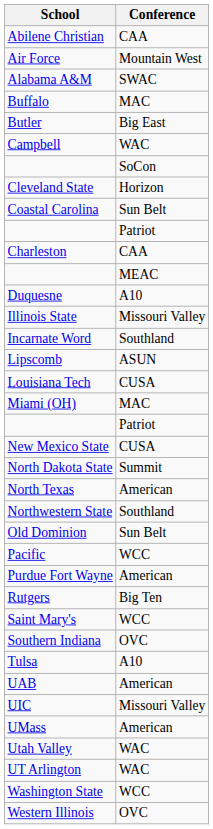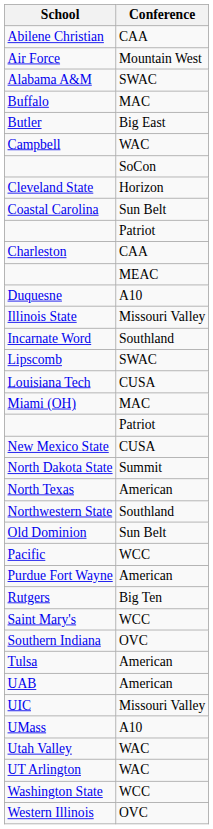 <table class="wikitable sortable">
 <tr>
 <th>School</th>
 <th>Conference</th>
 </tr>
 <tr>
 <td><a href='#'>Abilene Christian</a></td>
 <td>CAA</td>
 </tr>
 <tr>
 <td><a href='#'>Air Force</a></td>
 <td>Mountain West</td>
 </tr>
 <tr>
 <td><a href='#'>Alabama A&M</a></td>
 <td>SWAC</td>
 </tr>
 <tr>
 <td><a href='#'>Buffalo</a></td>
 <td>MAC</td>
 </tr>
 <tr>
 <td><a href='#'>Butler</a></td>
 <td>Big East</td>
 </tr>
 <tr>
 <td><a href='#'>Campbell</a></td>
 <td>WAC</td>
 </tr>
 <tr>
 <td></td>
 <td>SoCon</td>
 </tr>
 <tr>
 <td><a href='#'>Cleveland State</a></td>
 <td>Horizon</td>
 </tr>
 <tr>
 <td><a href='#'>Coastal Carolina</a></td>
 <td>Sun Belt</td>
 </tr>
 <tr>
 <td></td>
 <td>Patriot</td>
 </tr>
 <tr>
 <td><a href='#'>Charleston</a></td>
 <td>CAA</td>
 </tr>
 <tr>
 <td></td>
 <td>MEAC</td>
 </tr>
 <tr>
 <td><a href='#'>Duquesne</a></td>
 <td>A10</td>
 </tr>
 <tr>
 <td><a href='#'>Illinois State</a></td>
 <td>Missouri Valley</td>
 </tr>
 <tr>
 <td><a href='#'>Incarnate Word</a></td>
 <td>Southland</td>
 </tr>
 <tr>
 <td><a href='#'>Lipscomb</a></td>
-<td>ASUN</td>
+<td>SWAC</td>
 </tr>
 <tr>
 <td><a href='#'>Louisiana Tech</a></td>
 <td>CUSA</td>
 </tr>
 <tr>
 <td><a href='#'>Miami (OH)</a></td>
 <td>MAC</td>
 </tr>
 <tr>
 <td></td>
 <td>Patriot</td>
 </tr>
 <tr>
 <td><a href='#'>New Mexico State</a></td>
 <td>CUSA</td>
 </tr>
 <tr>
 <td><a href='#'>North Dakota State</a></td>
 <td>Summit</td>
 </tr>
 <tr>
 <td><a href='#'>North Texas</a></td>
 <td>American</td>
 </tr>
 <tr>
 <td><a href='#'>Northwestern State</a></td>
 <td>Southland</td>
 </tr>
 <tr>
 <td><a href='#'>Old Dominion</a></td>
 <td>Sun Belt</td>
 </tr>
 <tr>
 <td><a href='#'>Pacific</a></td>
 <td>WCC</td>
 </tr>
 <tr>
 <td><a href='#'>Purdue Fort Wayne</a></td>
 <td>American</td>
 </tr>
 <tr>
 <td><a href='#'>Rutgers</a></td>
 <td>Big Ten</td>
 </tr>
 <tr>
 <td><a href='#'>Saint Mary's</a></td>
 <td>WCC</td>
 </tr>
 <tr>
 <td><a href='#'>Southern Indiana</a></td>
 <td>OVC</td>
 </tr>
 <tr>
 <td><a href='#'>Tulsa</a></td>
-<td>A10</td>
+<td>American</td>
 </tr>
 <tr>
 <td><a href='#'>UAB</a></td>
 <td>American</td>
 </tr>
 <tr>
 <td><a href='#'>UIC</a></td>
 <td>Missouri Valley</td>
 </tr>
 <tr>
 <td><a href='#'>UMass</a></td>
-<td>American</td>
+<td>A10</td>
 </tr>
 <tr>
 <td><a href='#'>Utah Valley</a></td>
 <td>WAC</td>
 </tr>
 <tr>
 <td><a href='#'>UT Arlington</a></td>
 <td>WAC</td>
 </tr>
 <tr>
 <td><a href='#'>Washington State</a></td>
 <td>WCC</td>
 </tr>
 <tr>
 <td><a href='#'>Western Illinois</a></td>
 <td>OVC</td>
 </tr>
 </table>
